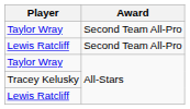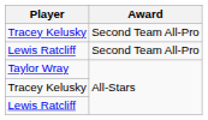 <table class="wikitable">
 <tr>
 <th>Player</th>
 <th>Award</th>
 </tr>
 <tr>
-<td><a href='#'>Taylor Wray</a></td>
+<td><a href='#'>Tracey Kelusky</a></td>
 <td>Second Team All-Pro</td>
 </tr>
 <tr>
 <td><a href='#'>Lewis Ratcliff</a></td>
 <td>Second Team All-Pro</td>
 </tr>
 <tr>
 <td><a href='#'>Taylor Wray</a></td>
 <td rowspan=3>All-Stars</td>
 </tr>
 <tr>
 <td>Tracey Kelusky</td>
 </tr>
 <tr>
 <td><a href='#'>Lewis Ratcliff</a></td>
 </tr>
 </table>
